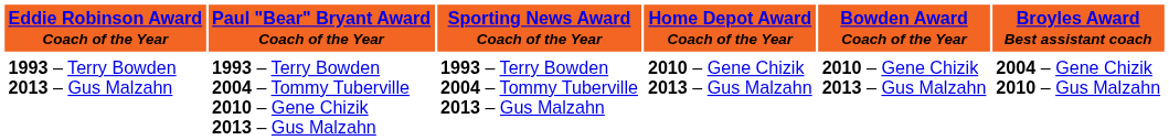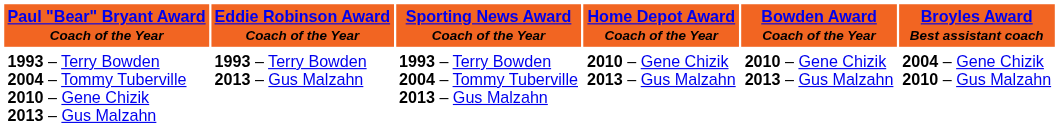 <table cellpadding="3" style="font-size:.9em">
 <tr>
+<th style="background:#F26522"><a href='#'>Paul "Bear" Bryant Award</a><br><small><em>Coach of the Year</em></small></th>
 <th style="background:#F26522"><a href='#'>Eddie Robinson Award</a><br><small><em>Coach of the Year</em></small></th>
-<th style="background:#F26522"><a href='#'>Paul "Bear" Bryant Award</a><br><small><em>Coach of the Year</em></small></th>
 <th style="background:#F26522"><a href='#'>Sporting News Award</a><br><small><em>Coach of the Year</em></small></th>
 <th style="background:#F26522"><a href='#'>Home Depot Award</a><br><small><em>Coach of the Year</em></small></th>
 <th style="background:#F26522"><a href='#'>Bowden Award</a><br><small><em>Coach of the Year</em></small></th>
 <th style="background:#F26522"><a href='#'>Broyles Award</a><br><small><em>Best assistant coach</em></small></th>
 </tr>
 <tr style="vertical-align:top;">
+<td><strong>1993</strong> – <a href='#'>Terry Bowden</a><br><strong>2004</strong> – <a href='#'>Tommy Tuberville</a><br><strong>2010</strong> – <a href='#'>Gene Chizik</a><br><strong>2013</strong> – <a href='#'>Gus Malzahn</a></td>
 <td><strong>1993</strong> – <a href='#'>Terry Bowden</a><br><strong>2013</strong> – <a href='#'>Gus Malzahn</a></td>
-<td><strong>1993</strong> – <a href='#'>Terry Bowden</a><br><strong>2004</strong> – <a href='#'>Tommy Tuberville</a><br><strong>2010</strong> – <a href='#'>Gene Chizik</a><br><strong>2013</strong> – <a href='#'>Gus Malzahn</a></td>
 <td><strong>1993</strong> – <a href='#'>Terry Bowden</a><br><strong>2004</strong> – <a href='#'>Tommy Tuberville</a><br><strong>2013</strong> – <a href='#'>Gus Malzahn</a></td>
 <td><strong>2010</strong> – <a href='#'>Gene Chizik</a><br><strong>2013</strong> – <a href='#'>Gus Malzahn</a></td>
 <td><strong>2010</strong> – <a href='#'>Gene Chizik</a><br><strong>2013</strong> – <a href='#'>Gus Malzahn</a></td>
 <td><strong>2004</strong> – <a href='#'>Gene Chizik</a><br><strong>2010</strong> – <a href='#'>Gus Malzahn</a></td>
 </tr>
 </table>
